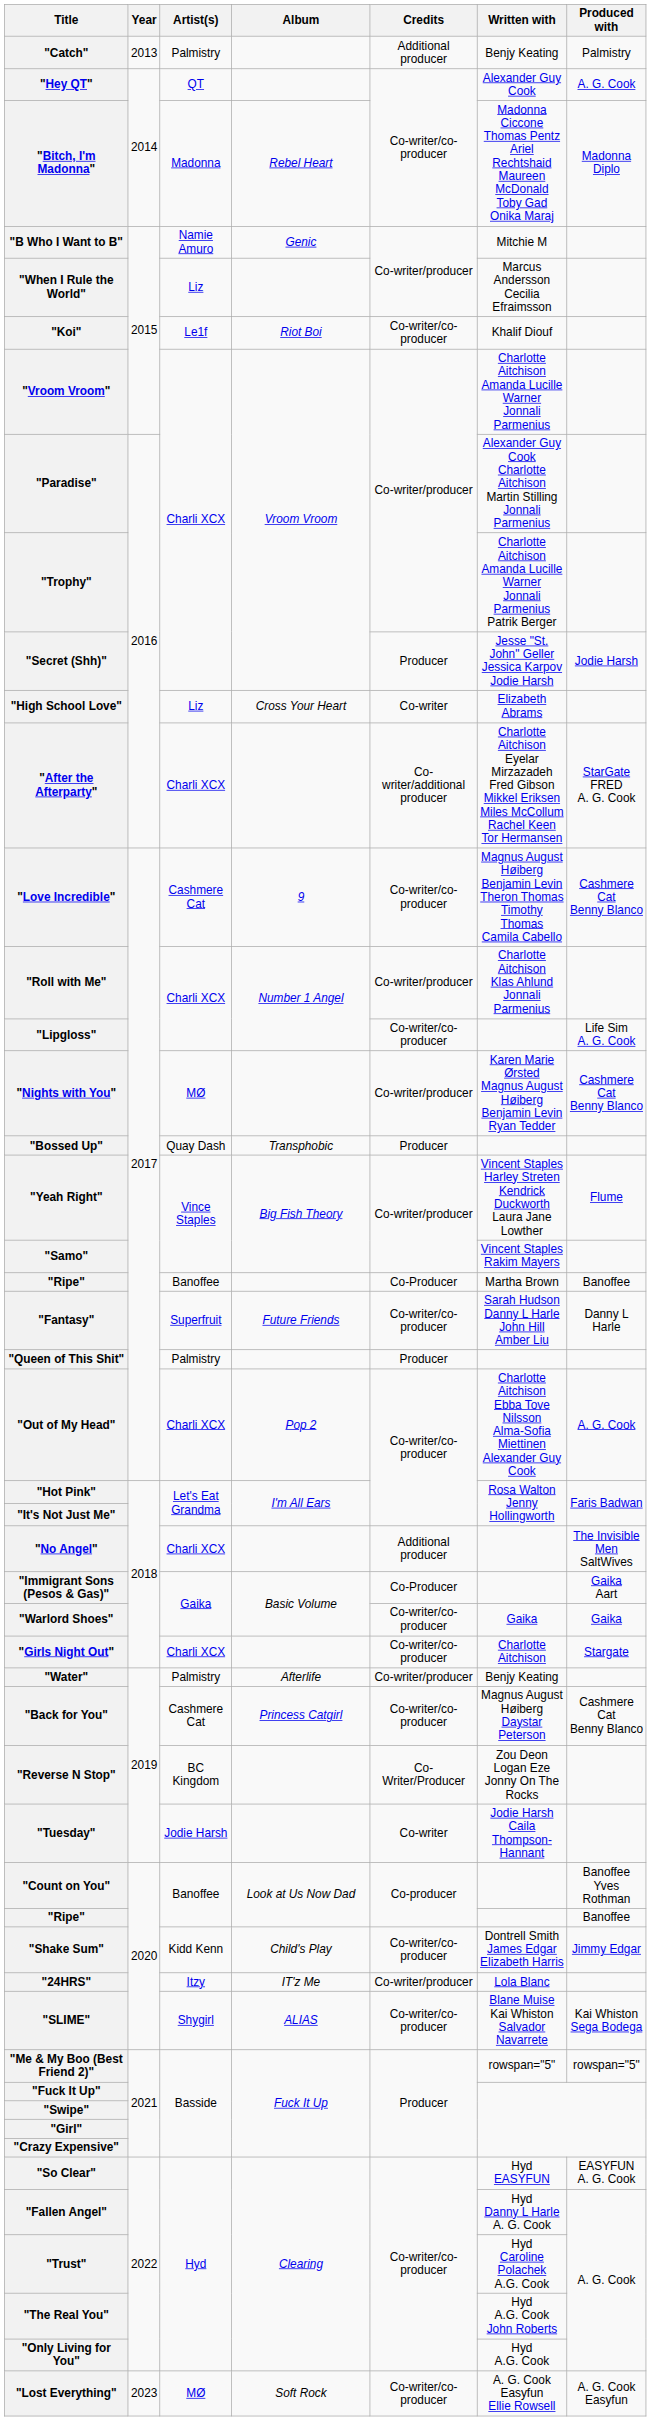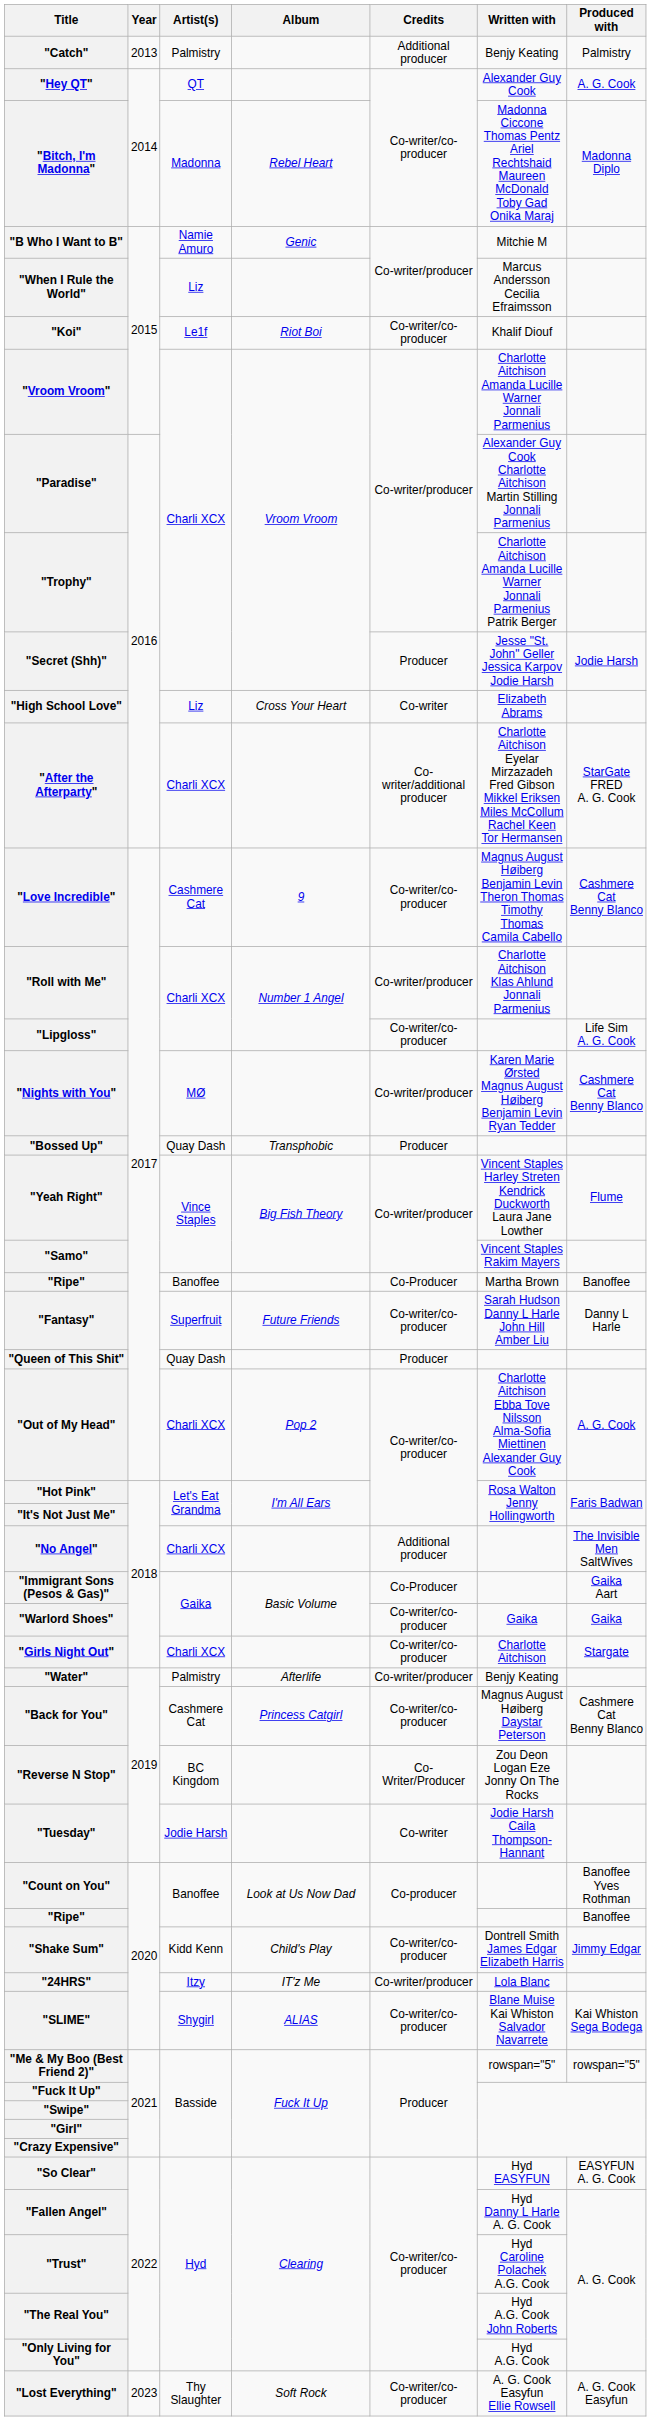 <table class="wikitable plainrowheaders" style="text-align:center;">
 <tr>
 <th scope="col" style="width:160px;">Title</th>
 <th scope="col">Year</th>
 <th scope="col">Artist(s)</th>
 <th scope="col" style="width:180px;">Album</th>
 <th scope="col">Credits</th>
 <th scope="col">Written with</th>
 <th scope="col">Produced with</th>
 </tr>
 <tr>
 <th scope="row">"Catch"</th>
 <td>2013</td>
 <td>Palmistry</td>
 <td></td>
 <td>Additional producer </td>
 <td>Benjy Keating</td>
 <td>Palmistry</td>
 </tr>
 <tr>
 <th scope="row">"<a href='#'>Hey QT</a>"</th>
 <td rowspan="2">2014</td>
 <td><a href='#'>QT</a></td>
 <td></td>
 <td rowspan="2">Co-writer/co-producer</td>
 <td><a href='#'>Alexander Guy Cook</a></td>
 <td><a href='#'>A. G. Cook</a></td>
 </tr>
 <tr>
 <th scope="row">"<a href='#'>Bitch, I'm Madonna</a>"<br></th>
 <td><a href='#'>Madonna</a></td>
 <td><em><a href='#'>Rebel Heart</a></em></td>
 <td><a href='#'>Madonna Ciccone</a><br><a href='#'>Thomas Pentz</a><br><a href='#'>Ariel Rechtshaid</a><br><a href='#'>Maureen McDonald</a><br><a href='#'>Toby Gad</a><br><a href='#'>Onika Maraj</a></td>
 <td><a href='#'>Madonna</a><br><a href='#'>Diplo</a></td>
 </tr>
 <tr>
 <th scope="row">"B Who I Want to B"<br></th>
 <td rowspan="4">2015</td>
 <td><a href='#'>Namie Amuro</a></td>
 <td><em><a href='#'>Genic</a></em></td>
 <td rowspan="2">Co-writer/producer</td>
 <td>Mitchie M</td>
 <td></td>
 </tr>
 <tr>
 <th scope="row">"When I Rule the World"</th>
 <td><a href='#'>Liz</a></td>
 <td></td>
 <td>Marcus Andersson<br>Cecilia Efraimsson</td>
 <td></td>
 </tr>
 <tr>
 <th scope="row">"Koi"</th>
 <td><a href='#'>Le1f</a></td>
 <td><em><a href='#'>Riot Boi</a></em></td>
 <td>Co-writer/co-producer</td>
 <td>Khalif Diouf</td>
 <td></td>
 </tr>
 <tr>
 <th scope="row">"<a href='#'>Vroom Vroom</a>"</th>
 <td rowspan="4"><a href='#'>Charli XCX</a></td>
 <td rowspan="4"><em><a href='#'>Vroom Vroom</a></em></td>
 <td rowspan="3">Co-writer/producer</td>
 <td><a href='#'>Charlotte Aitchison</a><br><a href='#'>Amanda Lucille Warner</a><br><a href='#'>Jonnali Parmenius</a></td>
 <td></td>
 </tr>
 <tr>
 <th scope="row">"Paradise"<br></th>
 <td rowspan="5">2016</td>
 <td><a href='#'>Alexander Guy Cook</a><br><a href='#'>Charlotte Aitchison</a><br>Martin Stilling<br><a href='#'>Jonnali Parmenius</a></td>
 <td></td>
 </tr>
 <tr>
 <th scope="row">"Trophy"</th>
 <td><a href='#'>Charlotte Aitchison</a><br><a href='#'>Amanda Lucille Warner</a><br><a href='#'>Jonnali Parmenius</a><br>Patrik Berger</td>
 <td></td>
 </tr>
 <tr>
 <th scope="row">"Secret (Shh)"</th>
 <td>Producer</td>
 <td><a href='#'>Jesse "St. John" Geller</a><br><a href='#'>Jessica Karpov</a><br><a href='#'>Jodie Harsh</a></td>
 <td><a href='#'>Jodie Harsh</a></td>
 </tr>
 <tr>
 <th scope="row">"High School Love"</th>
 <td><a href='#'>Liz</a></td>
 <td><em>Cross Your Heart</em></td>
 <td>Co-writer</td>
 <td><a href='#'>Elizabeth Abrams</a></td>
 <td></td>
 </tr>
 <tr>
 <th scope="row">"<a href='#'>After the Afterparty</a>"<br></th>
 <td><a href='#'>Charli XCX</a></td>
 <td></td>
 <td>Co-writer/additional producer</td>
 <td><a href='#'>Charlotte Aitchison</a><br>Eyelar Mirzazadeh<br>Fred Gibson<br><a href='#'>Mikkel Eriksen</a><br><a href='#'>Miles McCollum</a><br><a href='#'>Rachel Keen</a><br><a href='#'>Tor Hermansen</a></td>
 <td><a href='#'>StarGate</a><br>FRED<br>A. G. Cook</td>
 </tr>
 <tr>
 <th scope="row">"<a href='#'>Love Incredible</a>"<br></th>
 <td rowspan="11">2017</td>
 <td><a href='#'>Cashmere Cat</a></td>
 <td><em><a href='#'>9</a></em></td>
 <td>Co-writer/co-producer</td>
 <td><a href='#'>Magnus August Høiberg</a><br><a href='#'>Benjamin Levin</a><br><a href='#'>Theron Thomas</a><br><a href='#'>Timothy Thomas</a><br><a href='#'>Camila Cabello</a></td>
 <td><a href='#'>Cashmere Cat</a><br><a href='#'>Benny Blanco</a></td>
 </tr>
 <tr>
 <th scope="row">"Roll with Me"</th>
 <td rowspan="2"><a href='#'>Charli XCX</a></td>
 <td rowspan="2"><em><a href='#'>Number 1 Angel</a></em></td>
 <td>Co-writer/producer</td>
 <td><a href='#'>Charlotte Aitchison</a><br><a href='#'>Klas Ahlund</a><br><a href='#'>Jonnali Parmenius</a></td>
 <td></td>
 </tr>
 <tr>
 <th scope="row">"Lipgloss"<br></th>
 <td>Co-writer/co-producer</td>
 <td></td>
 <td>Life Sim<br><a href='#'>A. G. Cook</a></td>
 </tr>
 <tr>
 <th scope="row">"<a href='#'>Nights with You</a>"</th>
 <td><a href='#'>MØ</a></td>
 <td></td>
 <td>Co-writer/producer</td>
 <td><a href='#'>Karen Marie Ørsted</a><br><a href='#'>Magnus August Høiberg</a><br><a href='#'>Benjamin Levin</a><br><a href='#'>Ryan Tedder</a></td>
 <td><a href='#'>Cashmere Cat</a><br><a href='#'>Benny Blanco</a></td>
 </tr>
 <tr>
 <th scope="row">"Bossed Up"</th>
 <td>Quay Dash</td>
 <td><em>Transphobic</em></td>
 <td>Producer</td>
 <td></td>
 <td></td>
 </tr>
 <tr>
 <th scope="row">"Yeah Right"<br></th>
 <td rowspan="2"><a href='#'>Vince Staples</a></td>
 <td rowspan="2"><em><a href='#'>Big Fish Theory</a></em></td>
 <td rowspan="2">Co-writer/producer</td>
 <td><a href='#'>Vincent Staples</a><br><a href='#'>Harley Streten</a><br><a href='#'>Kendrick Duckworth</a><br>Laura Jane Lowther</td>
 <td><a href='#'>Flume</a></td>
 </tr>
 <tr>
 <th scope="row">"Samo"<br></th>
 <td><a href='#'>Vincent Staples</a><br><a href='#'>Rakim Mayers</a></td>
 <td></td>
 </tr>
 <tr>
 <th scope="row">"Ripe"</th>
 <td>Banoffee</td>
 <td></td>
 <td>Co-Producer</td>
 <td>Martha Brown</td>
 <td>Banoffee</td>
 </tr>
 <tr>
 <th scope="row">"Fantasy"<br></th>
 <td><a href='#'>Superfruit</a></td>
 <td><em><a href='#'>Future Friends</a></em></td>
 <td>Co-writer/co-producer</td>
 <td><a href='#'>Sarah Hudson</a><br><a href='#'>Danny L Harle</a><br><a href='#'>John Hill</a><br><a href='#'>Amber Liu</a></td>
 <td>Danny L Harle</td>
 </tr>
 <tr>
 <th scope="row">"Queen of This Shit"</th>
-<td>Palmistry</td>
+<td>Quay Dash</td>
 <td></td>
 <td>Producer</td>
 <td></td>
 <td></td>
 </tr>
 <tr>
 <th scope="row">"Out of My Head"<br></th>
 <td><a href='#'>Charli XCX</a></td>
 <td><em><a href='#'>Pop 2</a></em></td>
 <td rowspan="3">Co-writer/co-producer</td>
 <td><a href='#'>Charlotte Aitchison</a><br><a href='#'>Ebba Tove Nilsson</a><br><a href='#'>Alma-Sofia Miettinen</a><br><a href='#'>Alexander Guy Cook</a></td>
 <td><a href='#'>A. G. Cook</a></td>
 </tr>
 <tr>
 <th scope="row">"Hot Pink"</th>
 <td rowspan="6">2018</td>
 <td rowspan="2"><a href='#'>Let's Eat Grandma</a></td>
 <td rowspan="2"><em><a href='#'>I'm All Ears</a></em></td>
 <td rowspan="2"><a href='#'>Rosa Walton</a><br><a href='#'>Jenny Hollingworth</a></td>
 <td rowspan="2"><a href='#'>Faris Badwan</a></td>
 </tr>
 <tr>
 <th scope="row">"It's Not Just Me"</th>
 </tr>
 <tr>
 <th scope="row">"<a href='#'>No Angel</a>"</th>
 <td><a href='#'>Charli XCX</a></td>
 <td></td>
 <td>Additional producer</td>
 <td></td>
 <td><a href='#'>The Invisible Men</a><br>SaltWives</td>
 </tr>
 <tr>
 <th scope="row">"Immigrant Sons (Pesos & Gas)"</th>
 <td rowspan="2"><a href='#'>Gaika</a></td>
 <td rowspan="2"><em>Basic Volume</em></td>
 <td>Co-Producer</td>
 <td></td>
 <td><a href='#'>Gaika</a><br>Aart</td>
 </tr>
 <tr>
 <th scope="row">"Warlord Shoes"</th>
 <td>Co-writer/co-producer</td>
 <td><a href='#'>Gaika</a></td>
 <td><a href='#'>Gaika</a></td>
 </tr>
 <tr>
 <th scope="row">"<a href='#'>Girls Night Out</a>"</th>
 <td><a href='#'>Charli XCX</a></td>
 <td></td>
 <td>Co-writer/co-producer</td>
 <td><a href='#'>Charlotte Aitchison</a></td>
 <td><a href='#'>Stargate</a></td>
 </tr>
 <tr>
 <th scope="row">"Water"</th>
 <td rowspan="4">2019</td>
 <td>Palmistry</td>
 <td><em>Afterlife</em></td>
 <td>Co-writer/producer</td>
 <td>Benjy Keating</td>
 <td></td>
 </tr>
 <tr>
 <th scope="row">"Back for You"</th>
 <td>Cashmere Cat</td>
 <td><em><a href='#'>Princess Catgirl</a></em></td>
 <td>Co-writer/co-producer</td>
 <td>Magnus August Høiberg<br><a href='#'>Daystar Peterson</a></td>
 <td>Cashmere Cat<br>Benny Blanco</td>
 </tr>
 <tr>
 <th scope="row">"Reverse N Stop"</th>
 <td>BC Kingdom</td>
 <td></td>
 <td>Co-Writer/Producer</td>
 <td>Zou Deon<br>Logan Eze<br>Jonny On The Rocks</td>
 <td></td>
 </tr>
 <tr>
 <th scope="row">"Tuesday"</th>
 <td><a href='#'>Jodie Harsh</a></td>
 <td></td>
 <td>Co-writer</td>
 <td><a href='#'>Jodie Harsh</a><br><a href='#'>Caila Thompson-Hannant</a></td>
 <td></td>
 </tr>
 <tr>
 <th scope="row">"Count on You"</th>
 <td rowspan="5">2020</td>
 <td rowspan="2">Banoffee</td>
 <td rowspan="2"><em>Look at Us Now Dad</em></td>
 <td rowspan="2">Co-producer</td>
 <td></td>
 <td>Banoffee<br>Yves Rothman</td>
 </tr>
 <tr>
 <th scope="row">"Ripe" <br></th>
 <td></td>
 <td>Banoffee</td>
 </tr>
 <tr>
 <th scope="row">"Shake Sum" <br></th>
 <td>Kidd Kenn</td>
 <td><em>Child's Play</em></td>
 <td>Co-writer/co-producer</td>
 <td>Dontrell Smith<br><a href='#'>James Edgar</a><br><a href='#'>Elizabeth Harris</a></td>
 <td><a href='#'>Jimmy Edgar</a></td>
 </tr>
 <tr>
 <th scope="row">"24HRS"</th>
 <td><a href='#'>Itzy</a></td>
 <td><em>IT'z Me</em></td>
 <td>Co-writer/producer</td>
 <td><a href='#'>Lola Blanc</a></td>
 <td></td>
 </tr>
 <tr>
 <th scope="row">"SLIME"</th>
 <td><a href='#'>Shygirl</a></td>
 <td><em><a href='#'>ALIAS</a></em></td>
 <td>Co-writer/co-producer</td>
 <td><a href='#'>Blane Muise</a><br>Kai Whiston<br><a href='#'>Salvador Navarrete</a></td>
 <td>Kai Whiston<br><a href='#'>Sega Bodega</a></td>
 </tr>
 <tr>
 <th scope="row">"Me & My Boo (Best Friend 2)"</th>
 <td rowspan="5">2021</td>
 <td rowspan="5">Basside</td>
 <td rowspan="5"><em><a href='#'>Fuck It Up</a></em></td>
 <td rowspan="5">Producer</td>
 <td>rowspan="5" </td>
 <td>rowspan="5" </td>
 </tr>
 <tr>
 <th scope="row">"Fuck It Up"</th>
 </tr>
 <tr>
 <th scope="row">"Swipe"</th>
 </tr>
 <tr>
 <th scope="row">"Girl"</th>
 </tr>
 <tr>
 <th scope="row">"Crazy Expensive"</th>
 </tr>
 <tr>
 <th scope="row">"So Clear"</th>
 <td rowspan="5">2022</td>
 <td rowspan="5"><a href='#'>Hyd</a></td>
 <td rowspan="5"><em><a href='#'>Clearing</a></em></td>
 <td rowspan="5">Co-writer/co-producer</td>
 <td>Hyd<br><a href='#'>EASYFUN</a></td>
 <td>EASYFUN<br>A. G. Cook</td>
 </tr>
 <tr>
 <th scope="row">"Fallen Angel"</th>
 <td>Hyd<br><a href='#'>Danny L Harle</a><br>A. G. Cook</td>
 <td rowspan="4">A. G. Cook</td>
 </tr>
 <tr>
 <th scope="row">"Trust"</th>
 <td>Hyd<br><a href='#'>Caroline Polachek</a><br>A.G. Cook</td>
 </tr>
 <tr>
 <th scope="row">"The Real You"</th>
 <td>Hyd<br>A.G. Cook<br><a href='#'>John Roberts</a></td>
 </tr>
 <tr>
 <th scope="row">"Only Living for You"</th>
 <td>Hyd<br>A.G. Cook</td>
 </tr>
 <tr>
 <th scope="row">"Lost Everything"</th>
 <td>2023</td>
-<td><a href='#'>MØ</a></td>
+<td>Thy Slaughter</td>
 <td><em>Soft Rock</em></td>
 <td>Co-writer/co-producer</td>
 <td>A. G. Cook<br>Easyfun<br><a href='#'>Ellie Rowsell</a></td>
 <td>A. G. Cook<br>Easyfun</td>
 </tr>
 </table>
